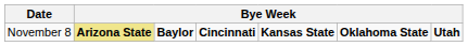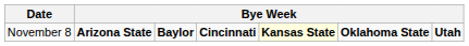 <table class="wikitable" style="font-size:95%;">
 <tr>
 <th>Date</th>
 <th colspan="6">Bye Week</th>
 </tr>
 <tr>
 <td>November 8</td>
-<td style="background: khaki;"><strong>Arizona State</strong></td>
+<td><strong>Arizona State</strong></td>
 <td><strong>Baylor</strong></td>
 <td><strong>Cincinnati</strong></td>
-<td><strong>Kansas State</strong></td>
+<td style="background: lightyellow;"><strong>Kansas State</strong></td>
 <td><strong>Oklahoma State</strong></td>
 <td><strong>Utah</strong></td>
 </tr>
 </table>
